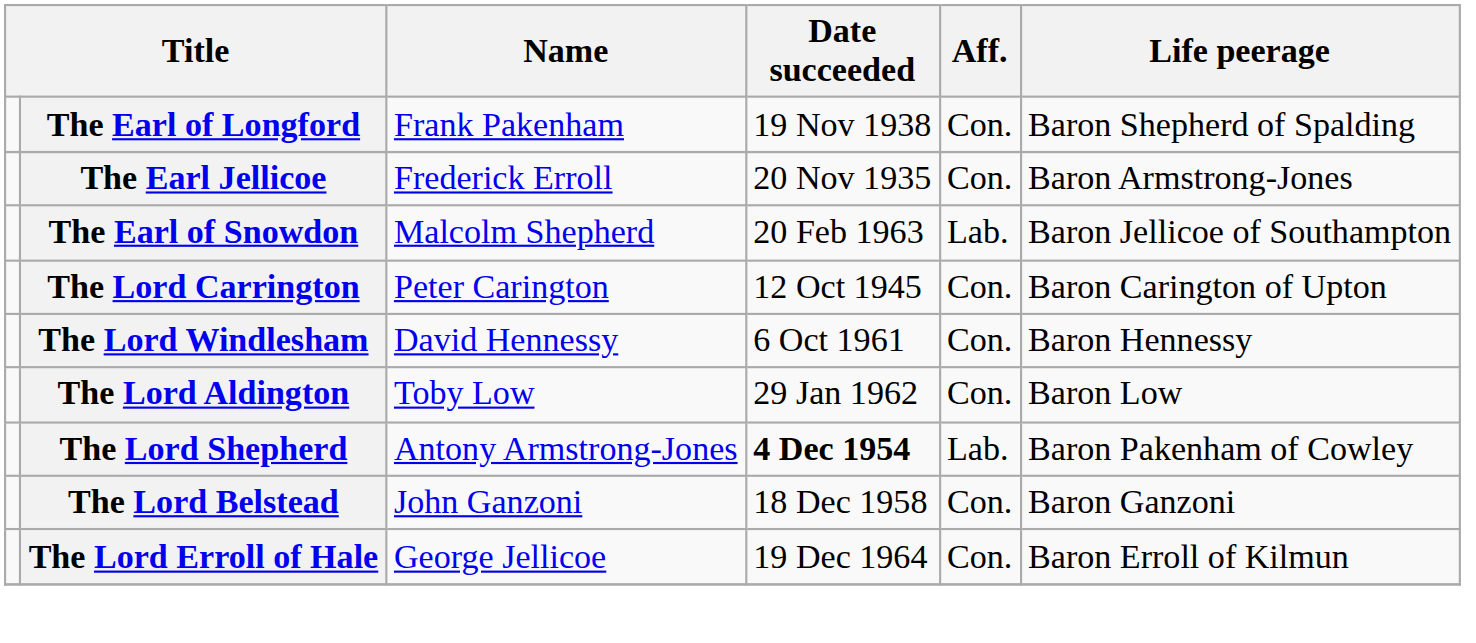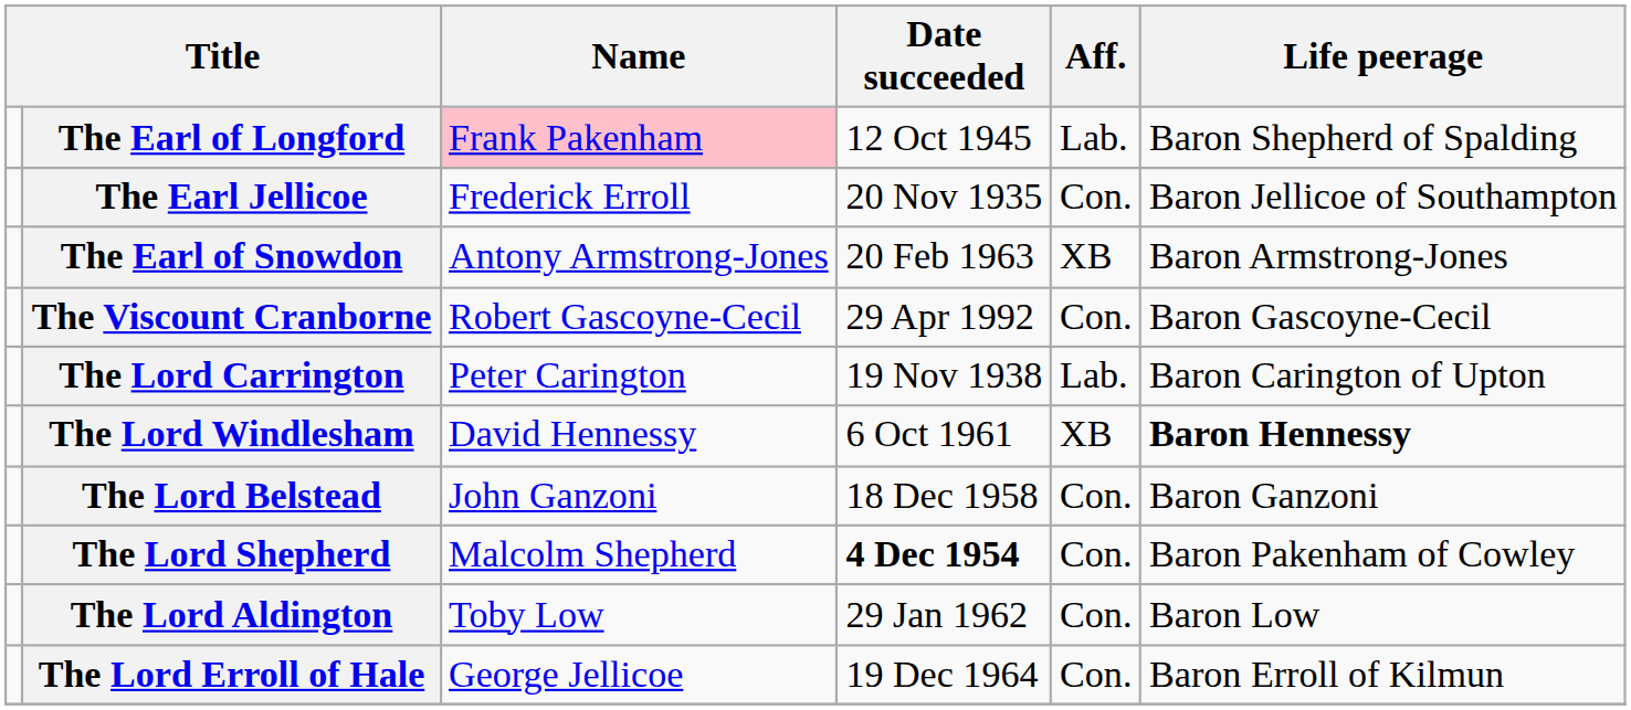 <table class="wikitable plainrowheaders sortable">
 <tr>
 <th scope="col" colspan=2>Title</th>
 <th scope="col">Name</th>
 <th scope="col" data-sort-type="date">Date<br>succeeded</th>
 <th scope="col"><abbr>Aff.</abbr></th>
 <th scope="col">Life peerage</th>
 </tr>
 <tr>
 <td style="background-color:"></td>
 <th scope="row" data-sort-value="Longford">The <a href='#'>Earl of Longford</a></th>
-<td><a href='#'>Frank Pakenham</a></td>
-<td>19 Nov 1938</td>
-<td>Con.</td>
+<td style="background: pink;"><a href='#'>Frank Pakenham</a></td>
+<td>12 Oct 1945</td>
+<td>Lab.</td>
 <td>Baron Shepherd of Spalding</td>
 </tr>
 <tr>
 </tr>
 <tr>
 <td style="background-color:"></td>
 <th scope="row" data-sort-value="Jellicoe">The <a href='#'>Earl Jellicoe</a></th>
 <td><a href='#'>Frederick Erroll</a></td>
 <td>20 Nov 1935</td>
 <td>Con.</td>
+<td>Baron Jellicoe of Southampton</td>
+</tr>
+<tr>
+<td style="background-color:"></td>
+<th scope="row" data-sort-value="Snowdon">The <a href='#'>Earl of Snowdon</a></th>
+<td><a href='#'>Antony Armstrong-Jones</a></td>
+<td>20 Feb 1963</td>
+<td>XB</td>
 <td>Baron Armstrong-Jones</td>
 </tr>
 <tr>
 <td style="background-color:"></td>
-<th scope="row" data-sort-value="Snowdon">The <a href='#'>Earl of Snowdon</a></th>
-<td><a href='#'>Malcolm Shepherd</a></td>
-<td>20 Feb 1963</td>
-<td>Lab.</td>
-<td>Baron Jellicoe of Southampton</td>
+<th scope="row" data-sort-value="Cranborne">The <a href='#'>Viscount Cranborne</a></th>
+<td><a href='#'>Robert Gascoyne-Cecil</a></td>
+<td>29 Apr 1992</td>
+<td>Con.</td>
+<td>Baron Gascoyne-Cecil</td>
 </tr>
 <tr>
 <td style="background-color:"></td>
 <th scope="row" data-sort-value="Carrington">The <a href='#'>Lord Carrington</a></th>
 <td><a href='#'>Peter Carington</a></td>
-<td>12 Oct 1945</td>
-<td>Con.</td>
+<td>19 Nov 1938</td>
+<td>Lab.</td>
 <td>Baron Carington of Upton</td>
 </tr>
 <tr>
 <td style="background-color:"></td>
 <th scope="row" data-sort-value="Windlesham">The <a href='#'>Lord Windlesham</a></th>
 <td><a href='#'>David Hennessy</a></td>
 <td>6 Oct 1961</td>
+<td>XB</td>
+<td><strong>Baron Hennessy</strong></td>
+</tr>
+<tr>
+<td style="background-color:"></td>
+<th scope="row" data-sort-value="Belstead">The <a href='#'>Lord Belstead</a></th>
+<td><a href='#'>John Ganzoni</a></td>
+<td>18 Dec 1958</td>
 <td>Con.</td>
-<td>Baron Hennessy</td>
+<td>Baron Ganzoni</td>
+</tr>
+<tr>
+<td style="background-color:"></td>
+<th scope="row" data-sort-value="Shepherd">The <a href='#'>Lord Shepherd</a></th>
+<td><a href='#'>Malcolm Shepherd</a></td>
+<td><strong>4 Dec 1954</strong></td>
+<td>Con.</td>
+<td>Baron Pakenham of Cowley</td>
 </tr>
 <tr>
 <td style="background-color:"></td>
 <th scope="row" data-sort-value="Aldington">The <a href='#'>Lord Aldington</a></th>
 <td><a href='#'>Toby Low</a></td>
 <td>29 Jan 1962</td>
 <td>Con.</td>
 <td>Baron Low</td>
-</tr>
-<tr>
-<td style="background-color:"></td>
-<th scope="row" data-sort-value="Shepherd">The <a href='#'>Lord Shepherd</a></th>
-<td><a href='#'>Antony Armstrong-Jones</a></td>
-<td><strong>4 Dec 1954</strong></td>
-<td>Lab.</td>
-<td>Baron Pakenham of Cowley</td>
-</tr>
-<tr>
-<td style="background-color:"></td>
-<th scope="row" data-sort-value="Belstead">The <a href='#'>Lord Belstead</a></th>
-<td><a href='#'>John Ganzoni</a></td>
-<td>18 Dec 1958</td>
-<td>Con.</td>
-<td>Baron Ganzoni</td>
 </tr>
 <tr>
 <td style="background-color:"></td>
 <th scope="row" data-sort-value="Erroll of Hale">The <a href='#'>Lord Erroll of Hale</a></th>
 <td><a href='#'>George Jellicoe</a></td>
 <td>19 Dec 1964</td>
 <td>Con.</td>
 <td>Baron Erroll of Kilmun</td>
 </tr>
 <tr>
 </tr>
 </table>
